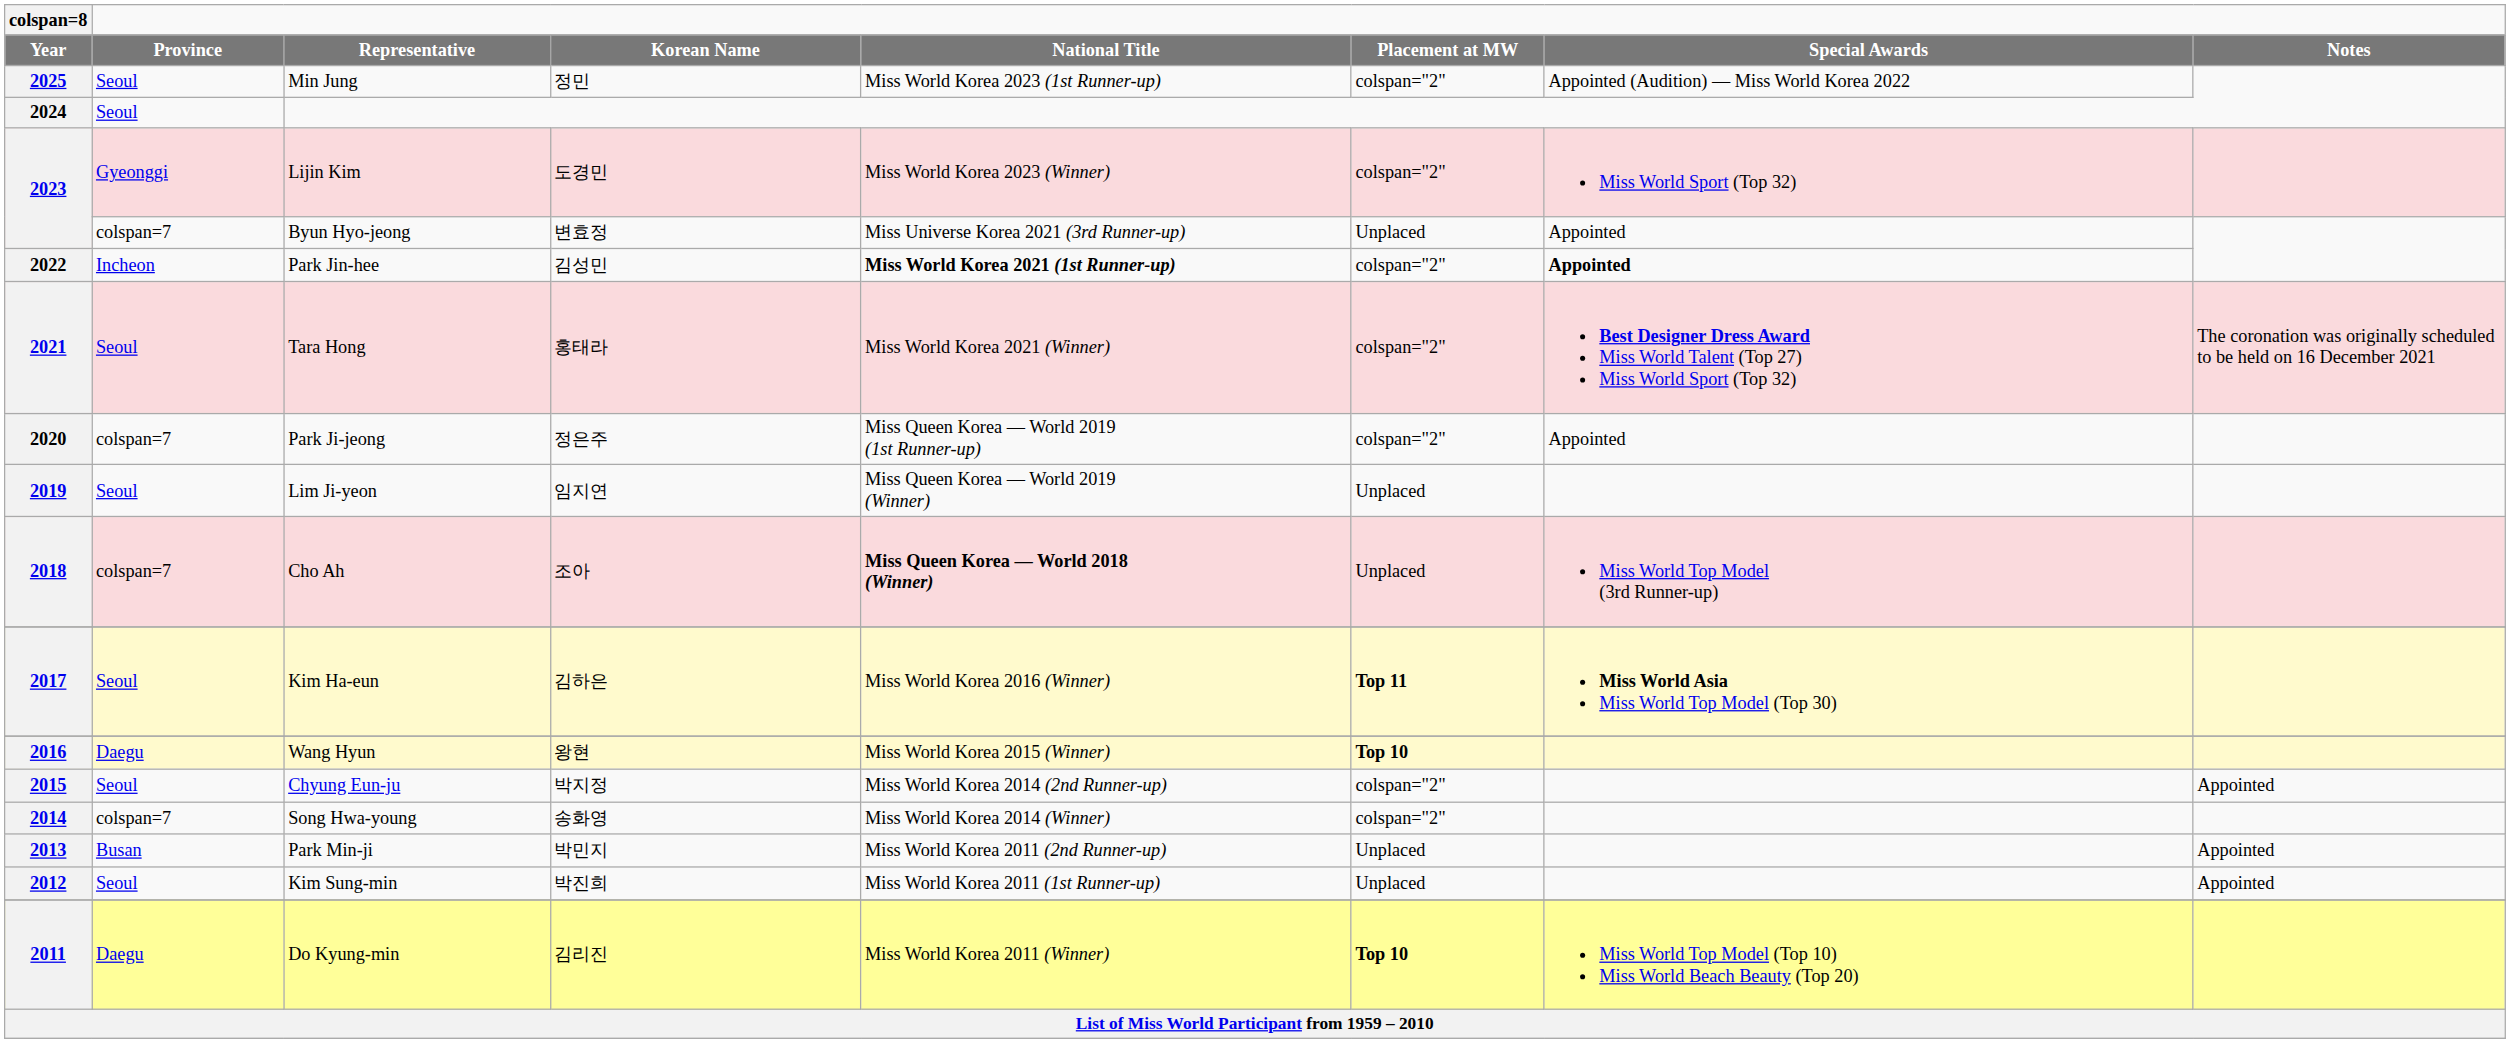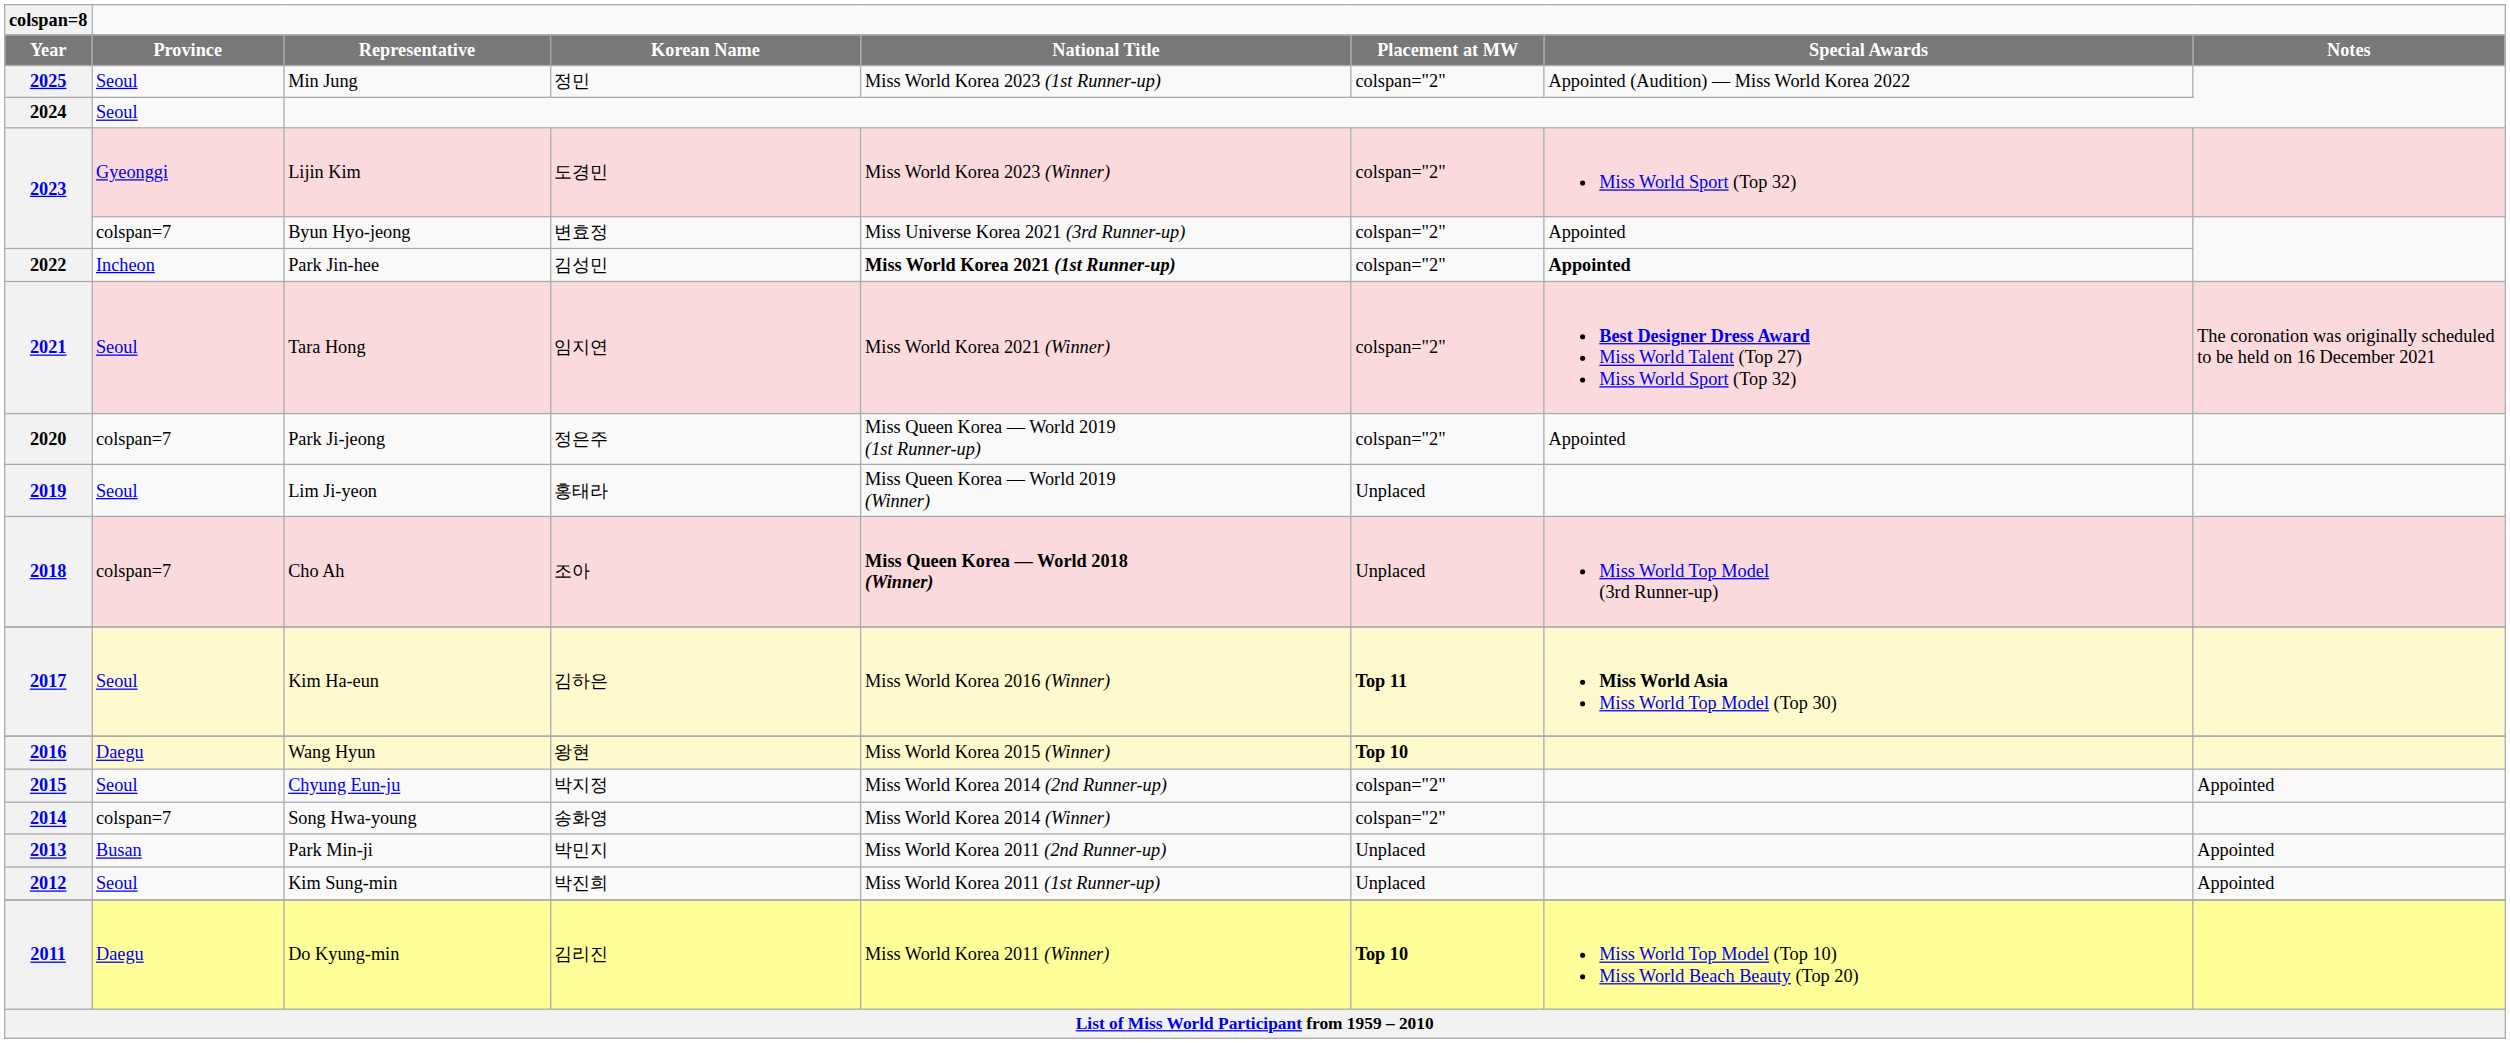 <table class="wikitable " style="font-size: 90%;">
 <tr>
 <th>colspan=8 </th>
 </tr>
 <tr>
 <th width="60" style="background-color:#787878;color:#FFFFFF;">Year</th>
 <th width="150" style="background-color:#787878;color:#FFFFFF;">Province</th>
 <th width="210" style="background-color:#787878;color:#FFFFFF;">Representative</th>
 <th width="250" style="background-color:#787878;color:#FFFFFF;">Korean Name</th>
 <th width="400" style="background-color:#787878;color:#FFFFFF;">National Title</th>
 <th width="150" style="background-color:#787878;color:#FFFFFF;">Placement at MW</th>
 <th width="530" style="background-color:#787878;color:#FFFFFF;">Special Awards</th>
 <th width="250" style="background-color:#787878;color:#FFFFFF;">Notes</th>
 </tr>
 <tr>
 <th><a href='#'>2025</a></th>
 <td><a href='#'>Seoul</a></td>
 <td>Min Jung</td>
 <td>정민</td>
 <td>Miss World Korea 2023 <em>(1st Runner-up)</em></td>
 <td>colspan="2" </td>
 <td>Appointed (Audition) — Miss World Korea 2022</td>
 </tr>
 <tr>
 <th>2024</th>
 <td><a href='#'>Seoul</a></td>
 </tr>
 <tr style="background-color:#FADADD; ">
 <th rowspan="2"><a href='#'>2023</a></th>
 <td><a href='#'>Gyeonggi</a></td>
 <td>Lijin Kim</td>
 <td>도경민</td>
 <td>Miss World Korea 2023 <em>(Winner)</em></td>
 <td>colspan="2" </td>
 <td><br><ul><li><a href='#'>Miss World Sport</a> (Top 32)</li></ul></td>
 <td></td>
 </tr>
 <tr>
 <td>colspan=7 </td>
 <td>Byun Hyo-jeong</td>
 <td>변효정</td>
 <td>Miss Universe Korea 2021 <em>(3rd Runner-up)</em></td>
-<td>Unplaced</td>
+<td>colspan="2" </td>
 <td>Appointed</td>
 </tr>
 <tr>
 <th>2022</th>
 <td><a href='#'>Incheon</a></td>
 <td>Park Jin-hee</td>
 <td>김성민</td>
 <td><strong>Miss World Korea 2021 <em>(1st Runner-up)</em></strong></td>
 <td>colspan="2" </td>
 <td><strong>Appointed</strong></td>
 </tr>
 <tr style="background-color:#FADADD; ">
 <th><a href='#'>2021</a></th>
 <td><a href='#'>Seoul</a></td>
 <td>Tara Hong</td>
-<td>홍태라</td>
+<td>임지연</td>
 <td>Miss World Korea 2021 <em>(Winner)</em></td>
 <td>colspan="2" </td>
 <td><br><ul><li><strong><a href='#'>Best Designer Dress Award</a></strong></li><li><a href='#'>Miss World Talent</a> (Top 27)</li><li><a href='#'>Miss World Sport</a> (Top 32)</li></ul></td>
 <td>The coronation was originally scheduled to be held on 16 December 2021</td>
 </tr>
 <tr>
 <th>2020</th>
 <td>colspan=7 </td>
 <td>Park Ji-jeong</td>
 <td>정은주</td>
 <td>Miss Queen Korea — World 2019 <br><em>(1st Runner-up)</em></td>
 <td>colspan="2" </td>
 <td>Appointed</td>
 </tr>
 <tr>
 <th><a href='#'>2019</a></th>
 <td><a href='#'>Seoul</a></td>
 <td>Lim Ji-yeon</td>
-<td>임지연</td>
+<td>홍태라</td>
 <td>Miss Queen Korea — World 2019 <br><em>(Winner)</em></td>
 <td>Unplaced</td>
 <td></td>
 <td></td>
 </tr>
 <tr style="background-color:#FADADD; ">
 <th><a href='#'>2018</a></th>
 <td>colspan=7 </td>
 <td>Cho Ah</td>
 <td>조아</td>
 <td><strong>Miss Queen Korea — World 2018 <br><em>(Winner)</em></strong></td>
 <td>Unplaced</td>
 <td><br><ul><li><a href='#'>Miss World Top Model</a> <br>(3rd Runner-up)</li></ul></td>
 <td></td>
 </tr>
 <tr>
 </tr>
 <tr style="background-color:#FFFACD;">
 <th><a href='#'>2017</a></th>
 <td><a href='#'>Seoul</a></td>
 <td>Kim Ha-eun</td>
 <td>김하은</td>
 <td>Miss World Korea 2016 <em>(Winner)</em></td>
 <td><strong>Top 11</strong></td>
 <td><br><ul><li><strong>Miss World Asia</strong></li><li><a href='#'>Miss World Top Model</a> (Top 30)</li></ul></td>
 <td></td>
 </tr>
 <tr>
 </tr>
 <tr style="background-color:#FFFACD;">
 <th><a href='#'>2016</a></th>
 <td><a href='#'>Daegu</a></td>
 <td>Wang Hyun</td>
 <td>왕현</td>
 <td>Miss World Korea 2015 <em>(Winner)</em></td>
 <td><strong>Top 10</strong></td>
 <td></td>
 <td></td>
 </tr>
 <tr>
 <th><a href='#'>2015</a></th>
 <td><a href='#'>Seoul</a></td>
 <td><a href='#'>Chyung Eun-ju</a></td>
 <td>박지정</td>
 <td>Miss World Korea 2014 <em>(2nd Runner-up)</em></td>
 <td>colspan="2" </td>
 <td></td>
 <td>Appointed</td>
 </tr>
 <tr>
 <th><a href='#'>2014</a></th>
 <td>colspan=7 </td>
 <td>Song Hwa-young</td>
 <td>송화영</td>
 <td>Miss World Korea 2014 <em>(Winner)</em></td>
 <td>colspan="2" </td>
 <td></td>
 <td></td>
 </tr>
 <tr>
 <th><a href='#'>2013</a></th>
 <td><a href='#'>Busan</a></td>
 <td>Park Min-ji</td>
 <td>박민지</td>
 <td>Miss World Korea 2011 <em>(2nd Runner-up)</em></td>
 <td>Unplaced</td>
 <td></td>
 <td>Appointed</td>
 </tr>
 <tr>
 <th><a href='#'>2012</a></th>
 <td><a href='#'>Seoul</a></td>
 <td>Kim Sung-min</td>
 <td>박진희</td>
 <td>Miss World Korea 2011 <em>(1st Runner-up)</em></td>
 <td>Unplaced</td>
 <td></td>
 <td>Appointed</td>
 </tr>
 <tr>
 </tr>
 <tr style="background-color:#FFFF99;">
 <th><a href='#'>2011</a></th>
 <td><a href='#'>Daegu</a></td>
 <td>Do Kyung-min</td>
 <td>김리진</td>
 <td>Miss World Korea 2011 <em>(Winner)</em></td>
 <td><strong>Top 10</strong></td>
 <td><br><ul><li><a href='#'>Miss World Top Model</a> (Top 10)</li><li><a href='#'>Miss World Beach Beauty</a> (Top 20)</li></ul></td>
 <td></td>
 </tr>
 <tr>
 <th colspan="8" style="font-size:95%;"><a href='#'>List of Miss World Participant</a> from 1959 – 2010</th>
 </tr>
 <tr>
 </tr>
 </table>
